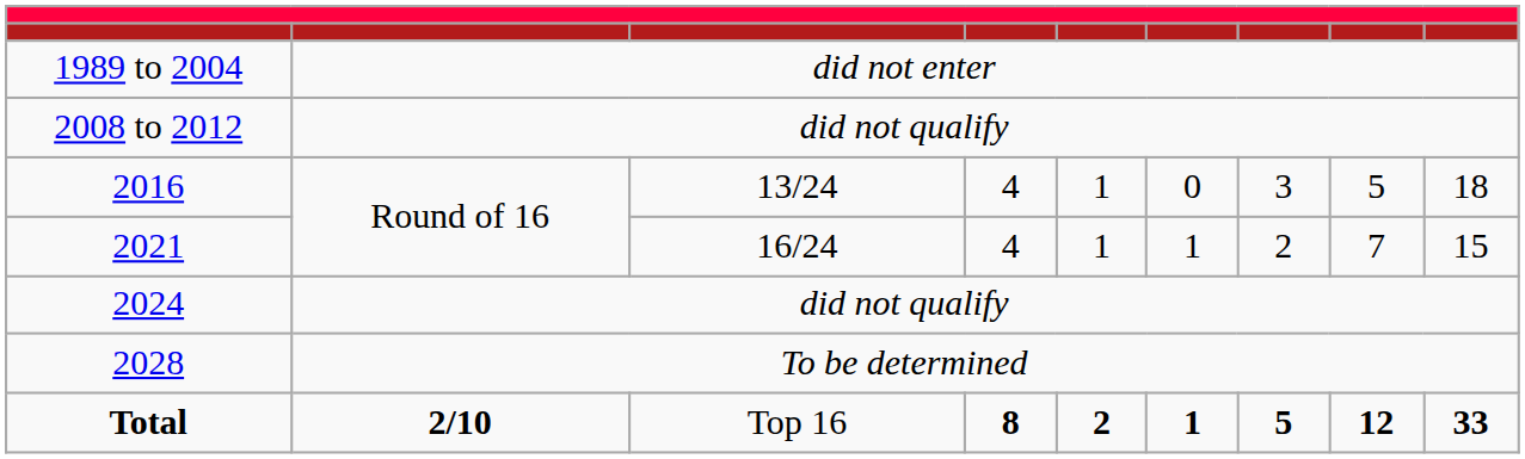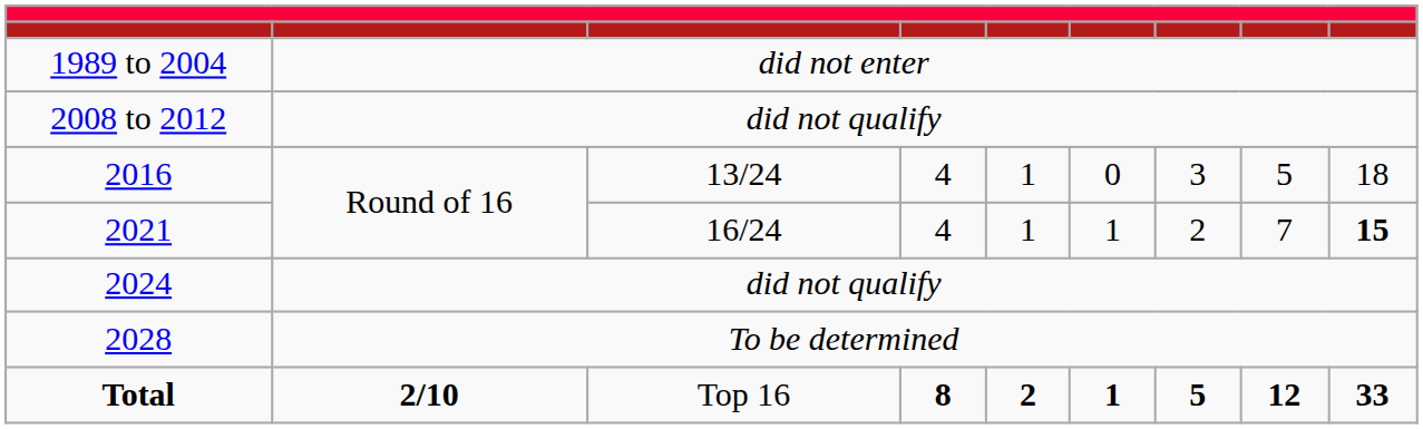 <table class="wikitable" style="text-align: center;font-size:90%;">
 <tr>
 <th style="background:#FF003F;" colspan=9></th>
 </tr>
 <tr>
 <th style="background:#B31B1B;" width=125></th>
 <th style="background:#B31B1B;" width=150></th>
 <th style="background:#B31B1B;" width=150></th>
 <th style="background:#B31B1B;" width=35></th>
 <th style="background:#B31B1B;" width=35></th>
 <th style="background:#B31B1B;" width=35></th>
 <th style="background:#B31B1B;" width=35></th>
 <th style="background:#B31B1B;" width=35></th>
 <th style="background:#B31B1B;" width=35></th>
 </tr>
 <tr bgcolor=>
 <td><a href='#'>1989</a> to <a href='#'>2004</a></td>
 <td colspan=8><em>did not enter</em></td>
 </tr>
 <tr bgcolor=>
 <td><a href='#'>2008</a> to <a href='#'>2012</a></td>
 <td colspan=8><em>did not qualify</em></td>
 </tr>
 <tr bgcolor=>
 <td> <a href='#'>2016</a></td>
 <td rowspan=2>Round of 16</td>
 <td>13/24</td>
 <td>4</td>
 <td>1</td>
 <td>0</td>
 <td>3</td>
 <td>5</td>
 <td>18</td>
 </tr>
 <tr bgcolor=>
 <td> <a href='#'>2021</a></td>
 <td>16/24</td>
 <td>4</td>
 <td>1</td>
 <td>1</td>
 <td>2</td>
 <td>7</td>
-<td>15</td>
+<td><strong>15</strong></td>
 </tr>
 <tr bgcolor=>
 <td> <a href='#'>2024</a></td>
 <td colspan=8><em>did not qualify</em></td>
 </tr>
 <tr bgcolor=>
 <td><a href='#'>2028</a></td>
 <td colspan=8><em>To be determined</em></td>
 </tr>
 <tr bgcolor=>
 <td><strong>Total</strong></td>
 <td><strong>2/10</strong></td>
 <td>Top 16</td>
 <td><strong>8</strong></td>
 <td><strong>2</strong></td>
 <td><strong>1</strong></td>
 <td><strong>5</strong></td>
 <td><strong>12</strong></td>
 <td><strong>33</strong></td>
 </tr>
 </table>
